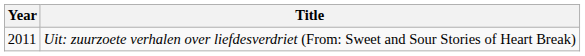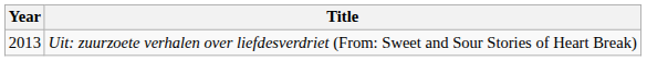 <table class="wikitable">
 <tr>
 <th>Year</th>
 <th>Title</th>
 </tr>
 <tr>
-<td>2011</td>
+<td>2013</td>
 <td><em>Uit: zuurzoete verhalen over liefdesverdriet</em> (From: Sweet and Sour Stories of Heart Break)</td>
 </tr>
 </table>
